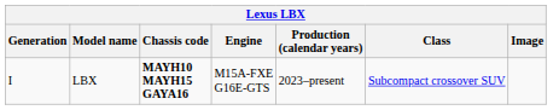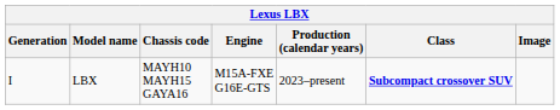 <table class="wikitable collapsible" style="font-size:97% style="width:90%; text-align:center">
 <tr>
 <th colspan=7 align=left><a href='#'>Lexus LBX</a></th>
 </tr>
 <tr>
 <th>Generation</th>
 <th>Model name</th>
 <th>Chassis code</th>
 <th>Engine</th>
 <th>Production<br>(calendar years)</th>
 <th>Class</th>
 <th>Image</th>
 </tr>
 <tr>
 <td>I</td>
 <td>LBX</td>
-<td><strong>MAYH10<br>MAYH15<br>GAYA16</strong></td>
+<td>MAYH10<br>MAYH15<br>GAYA16</td>
 <td>M15A-FXE<br>G16E-GTS</td>
 <td>2023–present</td>
-<td><a href='#'>Subcompact crossover SUV</a></td>
+<td><strong><a href='#'>Subcompact crossover SUV</a></strong></td>
 <td></td>
 </tr>
 </table>
